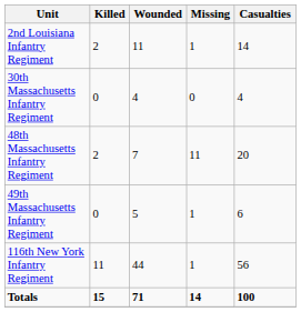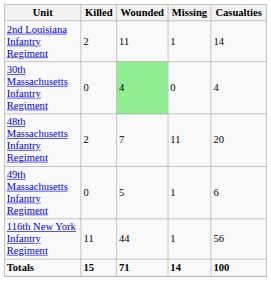 <table class="wikitable" style="text-align:left; width:45%;">
 <tr>
 <th width=25%>Unit</th>
 <th width=7%>Killed</th>
 <th width=7%>Wounded</th>
 <th width=7%>Missing</th>
 <th width=9%>Casualties</th>
 </tr>
 <tr>
 <td rowspan=1><a href='#'>2nd Louisiana Infantry Regiment</a></td>
 <td>2</td>
 <td>11</td>
 <td>1</td>
 <td>14</td>
 </tr>
 <tr>
 <td rowspan=1><a href='#'>30th Massachusetts Infantry Regiment</a></td>
 <td>0</td>
-<td>4</td>
+<td style="background: lightgreen;">4</td>
 <td>0</td>
 <td>4</td>
 </tr>
 <tr>
 <td rowspan=1><a href='#'>48th Massachusetts Infantry Regiment</a></td>
 <td>2</td>
 <td>7</td>
 <td>11</td>
 <td>20</td>
 </tr>
 <tr>
 <td rowspan=1><a href='#'>49th Massachusetts Infantry Regiment</a></td>
 <td>0</td>
 <td>5</td>
 <td>1</td>
 <td>6</td>
 </tr>
 <tr>
 <td rowspan=1><a href='#'>116th New York Infantry Regiment</a></td>
 <td>11</td>
 <td>44</td>
 <td>1</td>
 <td>56</td>
 </tr>
 <tr>
 <td rowspan=1><strong>Totals</strong></td>
 <td><strong>15</strong></td>
 <td><strong>71</strong></td>
 <td><strong>14</strong></td>
 <td><strong>100</strong></td>
 </tr>
 <tr>
 </tr>
 </table>
